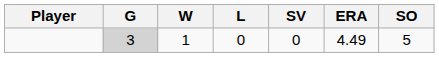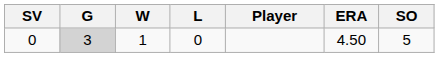 <table class="wikitable sortable">
 <tr>
-<th bgcolor="#DDDDFF" width="16%">Player</th>
+<th bgcolor="#DDDDFF" width="9%">SV</th>
 <th bgcolor="#DDDDFF" width="9%">G</th>
 <th bgcolor="#DDDDFF" width="9%">W</th>
 <th bgcolor="#DDDDFF" width="9%">L</th>
-<th bgcolor="#DDDDFF" width="9%">SV</th>
+<th bgcolor="#DDDDFF" width="16%">Player</th>
 <th bgcolor="#DDDDFF" width="9%">ERA</th>
 <th bgcolor="#DDDDFF" width="9%">SO</th>
 </tr>
 <tr align="center">
-<td></td>
+<td>0</td>
 <td style="background: lightgrey;">3</td>
 <td>1</td>
 <td>0</td>
-<td>0</td>
-<td>4.49</td>
+<td></td>
+<td>4.50</td>
 <td>5</td>
 </tr>
 </table>
